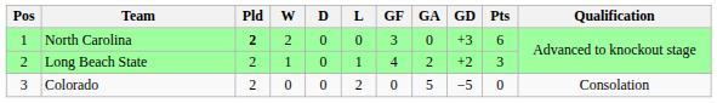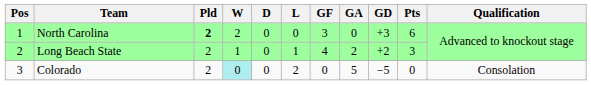 <table class="wikitable" style="text-align:center; margin: 1em auto">
 <tr>
 <th style="width:2em">Pos</th>
 <th style="width:13em">Team</th>
 <th style="width:2em">Pld</th>
 <th style="width:2em">W</th>
 <th style="width:2em">D</th>
 <th style="width:2em">L</th>
 <th style="width:2em">GF</th>
 <th style="width:2em">GA</th>
 <th style="width:2em">GD</th>
 <th style="width:2em">Pts</th>
 <th style="width:13em">Qualification</th>
 </tr>
 <tr bgcolor="#9eff9e">
 <td>1</td>
 <td style="text-align:left">North Carolina</td>
 <td><strong>2</strong></td>
 <td>2</td>
 <td>0</td>
 <td>0</td>
 <td>3</td>
 <td>0</td>
 <td>+3</td>
 <td>6</td>
 <td rowspan="2">Advanced to knockout stage</td>
 </tr>
 <tr bgcolor="#9eff9e">
 <td>2</td>
 <td style="text-align:left">Long Beach State</td>
 <td>2</td>
 <td>1</td>
 <td>0</td>
 <td>1</td>
 <td>4</td>
 <td>2</td>
 <td>+2</td>
 <td>3</td>
 </tr>
 <tr>
 <td>3</td>
 <td style="text-align:left">Colorado</td>
 <td>2</td>
-<td>0</td>
+<td style="background: paleturquoise;">0</td>
 <td>0</td>
 <td>2</td>
 <td>0</td>
 <td>5</td>
 <td>−5</td>
 <td>0</td>
 <td>Consolation</td>
 </tr>
 </table>
